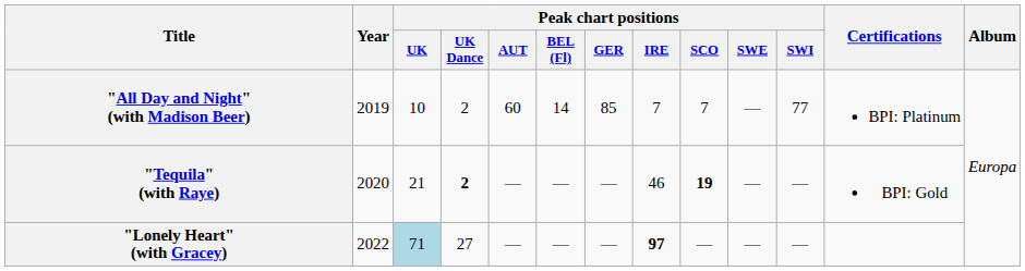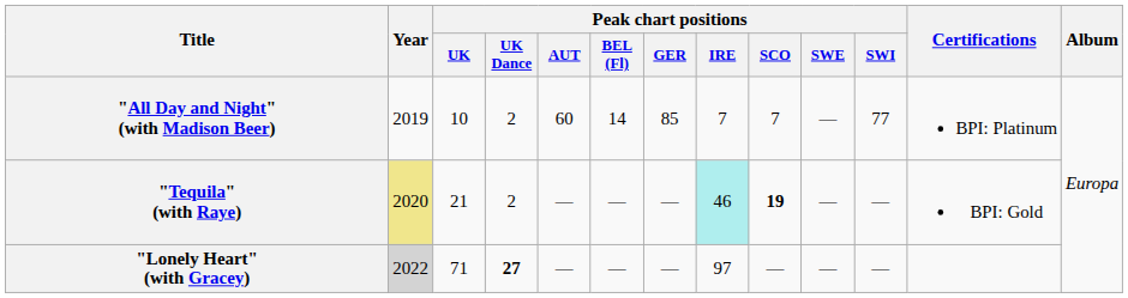 <table class="wikitable plainrowheaders" style="text-align:center;">
 <tr>
 <th scope="col" rowspan="2" style="width:21em;">Title</th>
 <th scope="col" rowspan="2" style="width:1em;">Year</th>
 <th scope="col" colspan="9">Peak chart positions</th>
 <th scope="col" rowspan="2"><a href='#'>Certifications</a></th>
 <th scope="col" rowspan="2">Album</th>
 </tr>
 <tr>
 <th scope="col" style="width:3em;font-size:85%;"><a href='#'>UK</a><br></th>
 <th scope="col" style="width:3em;font-size:85%;"><a href='#'>UK Dance</a><br></th>
 <th scope="col" style="width:3em;font-size:85%;"><a href='#'>AUT</a><br></th>
 <th scope="col" style="width:3em;font-size:85%;"><a href='#'>BEL<br>(Fl)</a><br></th>
 <th scope="col" style="width:3em;font-size:85%;"><a href='#'>GER</a><br></th>
 <th scope="col" style="width:3em;font-size:85%;"><a href='#'>IRE</a><br></th>
 <th scope="col" style="width:3em;font-size:85%;"><a href='#'>SCO</a><br></th>
 <th scope="col" style="width:3em;font-size:85%;"><a href='#'>SWE</a><br></th>
 <th scope="col" style="width:3em;font-size:85%;"><a href='#'>SWI</a><br></th>
 </tr>
 <tr>
 <th scope="row">"<a href='#'>All Day and Night</a>"<br><span>(with <a href='#'>Madison Beer</a>)</span></th>
 <td>2019</td>
 <td>10</td>
 <td>2</td>
 <td>60</td>
 <td>14</td>
 <td>85</td>
 <td>7</td>
 <td>7</td>
 <td>—</td>
 <td>77</td>
 <td><br><ul><li>BPI: Platinum</li></ul></td>
 <td rowspan="3"><em>Europa</em></td>
 </tr>
 <tr>
 <th scope="row">"<a href='#'>Tequila</a>"<br><span>(with <a href='#'>Raye</a>)</span></th>
-<td>2020</td>
+<td style="background: khaki;">2020</td>
 <td>21</td>
-<td><strong>2</strong></td>
+<td>2</td>
 <td>—</td>
 <td>—</td>
 <td>—</td>
-<td>46<br></td>
+<td style="background: paleturquoise;">46<br></td>
 <td><strong>19</strong></td>
 <td>—</td>
 <td>—</td>
 <td><br><ul><li>BPI: Gold</li></ul></td>
 </tr>
 <tr>
 <th scope="row">"Lonely Heart"<br><span>(with <a href='#'>Gracey</a>)</span></th>
-<td>2022</td>
-<td style="background: lightblue;">71</td>
-<td>27</td>
+<td style="background: lightgrey;">2022</td>
+<td>71</td>
+<td><strong>27</strong></td>
 <td>—</td>
 <td>—</td>
 <td>—</td>
-<td><strong>97</strong></td>
+<td>97</td>
 <td>—</td>
 <td>—</td>
 <td>—</td>
 <td></td>
 </tr>
 </table>
